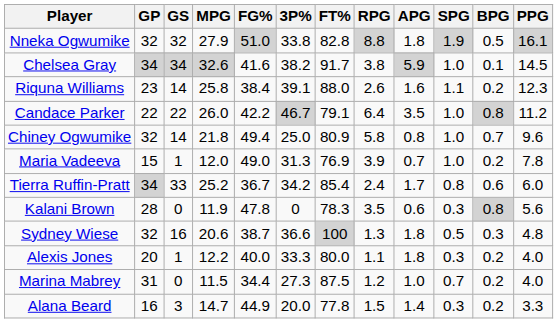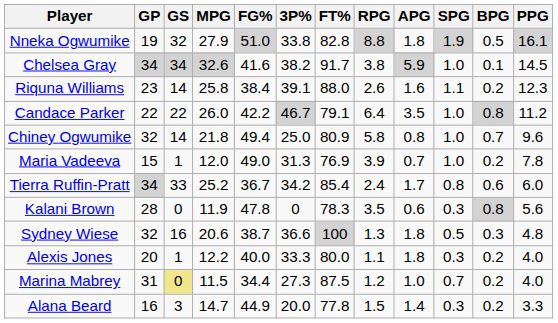 <table class="wikitable sortable" style="text-align:center;">
 <tr>
 <th>Player</th>
 <th>GP</th>
 <th>GS</th>
 <th>MPG</th>
 <th>FG%</th>
 <th>3P%</th>
 <th>FT%</th>
 <th>RPG</th>
 <th>APG</th>
 <th>SPG</th>
 <th>BPG</th>
 <th>PPG</th>
 </tr>
 <tr>
 <td><a href='#'>Nneka Ogwumike</a></td>
-<td>32</td>
+<td>19</td>
 <td>32</td>
 <td>27.9</td>
 <td style="background:#D3D3D3;">51.0</td>
 <td>33.8</td>
 <td>82.8</td>
 <td style="background:#D3D3D3;">8.8</td>
 <td>1.8</td>
 <td style="background:#D3D3D3;">1.9</td>
 <td>0.5</td>
 <td style="background:#D3D3D3;">16.1</td>
 </tr>
 <tr>
 <td><a href='#'>Chelsea Gray</a></td>
 <td style="background:#D3D3D3;">34</td>
 <td style="background:#D3D3D3;">34</td>
 <td style="background:#D3D3D3;">32.6</td>
 <td>41.6</td>
 <td>38.2</td>
 <td>91.7</td>
 <td>3.8</td>
 <td style="background:#D3D3D3;">5.9</td>
 <td>1.0</td>
 <td>0.1</td>
 <td>14.5</td>
 </tr>
 <tr>
 <td><a href='#'>Riquna Williams</a></td>
 <td>23</td>
 <td>14</td>
 <td>25.8</td>
 <td>38.4</td>
 <td>39.1</td>
 <td>88.0</td>
 <td>2.6</td>
 <td>1.6</td>
 <td>1.1</td>
 <td>0.2</td>
 <td>12.3</td>
 </tr>
 <tr>
 <td><a href='#'>Candace Parker</a></td>
 <td>22</td>
 <td>22</td>
 <td>26.0</td>
 <td>42.2</td>
 <td style="background:#D3D3D3;">46.7</td>
 <td>79.1</td>
 <td>6.4</td>
 <td>3.5</td>
 <td>1.0</td>
 <td style="background:#D3D3D3;">0.8</td>
 <td>11.2</td>
 </tr>
 <tr>
 <td><a href='#'>Chiney Ogwumike</a></td>
 <td>32</td>
 <td>14</td>
 <td>21.8</td>
 <td>49.4</td>
 <td>25.0</td>
 <td>80.9</td>
 <td>5.8</td>
 <td>0.8</td>
 <td>1.0</td>
 <td>0.7</td>
 <td>9.6</td>
 </tr>
 <tr>
 <td><a href='#'>Maria Vadeeva</a></td>
 <td>15</td>
 <td>1</td>
 <td>12.0</td>
 <td>49.0</td>
 <td>31.3</td>
 <td>76.9</td>
 <td>3.9</td>
 <td>0.7</td>
 <td>1.0</td>
 <td>0.2</td>
 <td>7.8</td>
 </tr>
 <tr>
 <td><a href='#'>Tierra Ruffin-Pratt</a></td>
 <td style="background:#D3D3D3;">34</td>
 <td>33</td>
 <td>25.2</td>
 <td>36.7</td>
 <td>34.2</td>
 <td>85.4</td>
 <td>2.4</td>
 <td>1.7</td>
 <td>0.8</td>
 <td>0.6</td>
 <td>6.0</td>
 </tr>
 <tr>
 <td><a href='#'>Kalani Brown</a></td>
 <td>28</td>
 <td>0</td>
 <td>11.9</td>
 <td>47.8</td>
 <td>0</td>
 <td>78.3</td>
 <td>3.5</td>
 <td>0.6</td>
 <td>0.3</td>
 <td style="background:#D3D3D3;">0.8</td>
 <td>5.6</td>
 </tr>
 <tr>
 <td><a href='#'>Sydney Wiese</a></td>
 <td>32</td>
 <td>16</td>
 <td>20.6</td>
 <td>38.7</td>
 <td>36.6</td>
 <td style="background:#D3D3D3;">100</td>
 <td>1.3</td>
 <td>1.8</td>
 <td>0.5</td>
 <td>0.3</td>
 <td>4.8</td>
 </tr>
 <tr>
 <td><a href='#'>Alexis Jones</a></td>
 <td>20</td>
 <td>1</td>
 <td>12.2</td>
 <td>40.0</td>
 <td>33.3</td>
 <td>80.0</td>
 <td>1.1</td>
 <td>1.8</td>
 <td>0.3</td>
 <td>0.2</td>
 <td>4.0</td>
 </tr>
 <tr>
 <td><a href='#'>Marina Mabrey</a></td>
 <td>31</td>
-<td>0</td>
+<td style="background: khaki;">0</td>
 <td>11.5</td>
 <td>34.4</td>
 <td>27.3</td>
 <td>87.5</td>
 <td>1.2</td>
 <td>1.0</td>
 <td>0.7</td>
 <td>0.2</td>
 <td>4.0</td>
 </tr>
 <tr>
 <td><a href='#'>Alana Beard</a></td>
 <td>16</td>
 <td>3</td>
 <td>14.7</td>
 <td>44.9</td>
 <td>20.0</td>
 <td>77.8</td>
 <td>1.5</td>
 <td>1.4</td>
 <td>0.3</td>
 <td>0.2</td>
 <td>3.3</td>
 </tr>
 </table>
